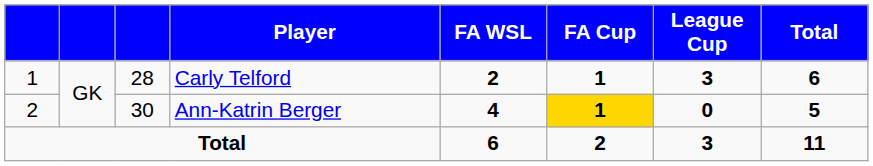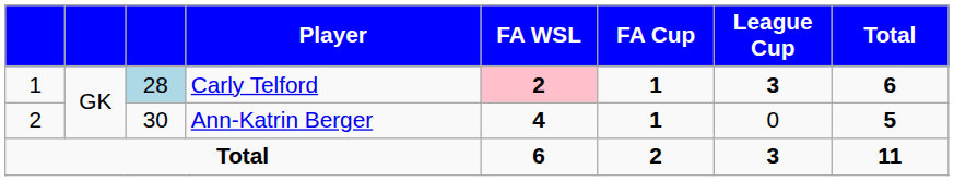 <table class="wikitable" style="text-align:center;">
 <tr>
 <th style="background:#00f; color:white; width:35px;"></th>
 <th style="background:#00f; color:white; width:35px;"></th>
 <th style="background:#00f; color:white; width:35px;"></th>
 <th style="background:#00f; color:white; width:200px;">Player</th>
 <th style="background:#00f; color:white; width:75px;">FA WSL</th>
 <th style="background:#00f; color:white; width:75px;">FA Cup</th>
 <th style="background:#00f; color:white; width:75px;">League Cup</th>
 <th style="background:#00f; color:white; width:75px;">Total</th>
 </tr>
 <tr>
 <td rowspan="1">1</td>
 <td rowspan="2">GK</td>
-<td>28</td>
+<td style="background: lightblue;">28</td>
 <td align=left> <a href='#'>Carly Telford</a></td>
-<td><strong>2</strong></td>
+<td style="background: pink;"><strong>2</strong></td>
 <td><strong>1</strong></td>
 <td><strong>3</strong></td>
 <td><strong>6</strong></td>
 </tr>
 <tr>
 <td rowspan="1">2</td>
 <td>30</td>
 <td align=left> <a href='#'>Ann-Katrin Berger</a></td>
 <td><strong>4</strong></td>
-<td style="background: gold;"><strong>1</strong></td>
-<td><strong>0</strong></td>
+<td><strong>1</strong></td>
+<td>0</td>
 <td><strong>5</strong></td>
 </tr>
 <tr>
 <td colspan="4"><strong>Total</strong></td>
 <td><strong>6</strong></td>
 <td><strong>2</strong></td>
 <td><strong>3</strong></td>
 <td><strong>11</strong></td>
 </tr>
 </table>
